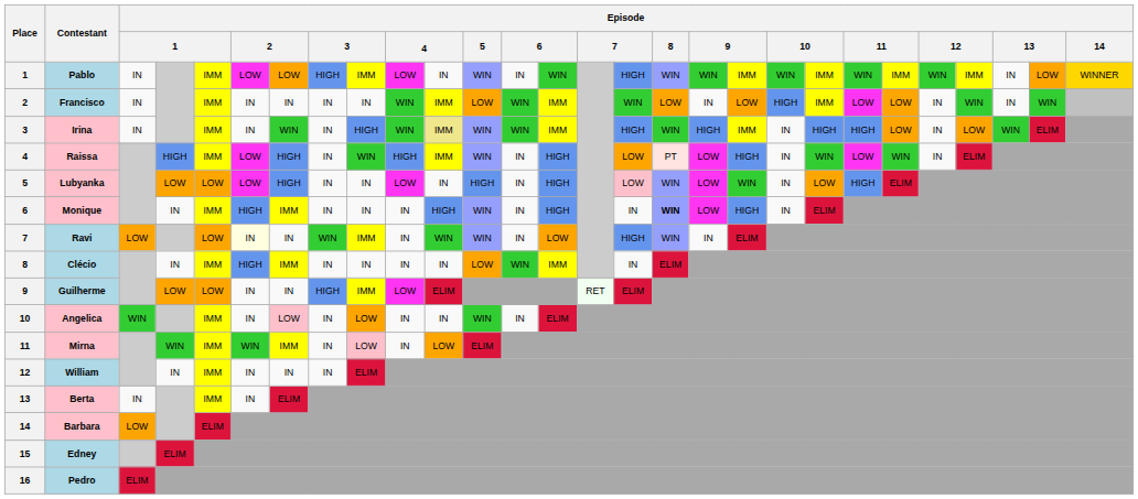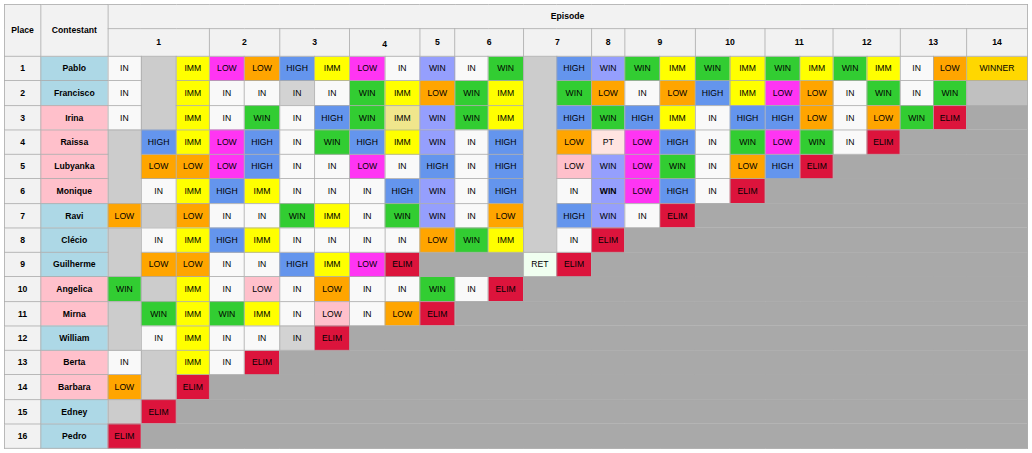 <table class="wikitable" style="text-align: center; font-size: 8pt; line-height:25px; width: 100%">
 <tr>
 <th rowspan=02>Place</th>
 <th rowspan=02>Contestant</th>
 <th colspan="26">Episode</th>
 </tr>
 <tr>
 <th colspan=3>1</th>
 <th colspan=2>2</th>
 <th colspan=2>3</th>
 <th colspan=2>4<sup></sup></th>
 <th>5</th>
 <th colspan=2>6</th>
 <th colspan=2>7</th>
 <th>8</th>
 <th colspan=2>9</th>
 <th colspan=2>10</th>
 <th colspan=2>11</th>
 <th colspan=2>12</th>
 <th colspan=2>13</th>
 <th>14</th>
 </tr>
 <tr>
 <th width=10>1</th>
 <td width=50 bgcolor=ADD8E6><strong>Pablo</strong></td>
 <td width=25>IN</td>
 <td width=25 bgcolor=CCCCCC rowspan=3></td>
 <td width=25 bgcolor=FFFF00>IMM</td>
 <td width=25 bgcolor=FF35F3>LOW</td>
 <td width=25 bgcolor=FFA500>LOW</td>
 <td width=25 bgcolor=6495ED>HIGH</td>
 <td width=25 bgcolor=FFFF00>IMM</td>
 <td width=25 bgcolor=FF35F3>LOW</td>
 <td width=25>IN</td>
 <td width=25 bgcolor=959FFD>WIN</td>
 <td width=25>IN</td>
 <td width=25 bgcolor=32CD32>WIN</td>
 <td width=25 bgcolor=CCCCCC rowspan=8></td>
 <td width=25 bgcolor=6495ED>HIGH</td>
 <td width=25 bgcolor=959FFD>WIN</td>
 <td width=25 bgcolor=32CD32>WIN</td>
 <td width=25 bgcolor=FFFF00>IMM</td>
 <td width=25 bgcolor=32CD32>WIN</td>
 <td width=25 bgcolor=FFFF00>IMM</td>
 <td width=25 bgcolor=32CD32>WIN</td>
 <td width=25 bgcolor=FFFF00>IMM</td>
 <td width=25 bgcolor=32CD32>WIN</td>
 <td width=25 bgcolor=FFFF00>IMM</td>
 <td width=25>IN</td>
 <td width=25 bgcolor=FFA500>LOW</td>
 <td width=50 bgcolor=FFD700>WINNER</td>
 </tr>
 <tr>
 <th>2</th>
 <td bgcolor=ADD8E6><strong>Francisco</strong></td>
 <td>IN</td>
 <td bgcolor=FFFF00>IMM</td>
 <td>IN</td>
 <td>IN</td>
-<td>IN</td>
+<td style="background: lightgrey;">IN</td>
 <td>IN</td>
 <td bgcolor=32CD32>WIN</td>
 <td bgcolor=FFFF00>IMM</td>
 <td bgcolor=FFA500>LOW</td>
 <td bgcolor=32CD32>WIN</td>
 <td bgcolor=FFFF00>IMM</td>
 <td bgcolor=32CD32>WIN</td>
 <td bgcolor=FFA500>LOW</td>
 <td>IN</td>
 <td bgcolor=FFA500>LOW</td>
 <td bgcolor=6495ED>HIGH</td>
 <td bgcolor=FFFF00>IMM</td>
 <td bgcolor=FF35F3>LOW</td>
 <td bgcolor=FFA500>LOW</td>
 <td>IN</td>
 <td bgcolor=32CD32>WIN</td>
 <td>IN</td>
 <td bgcolor=32CD32>WIN</td>
 <td bgcolor=C0C0C0></td>
 </tr>
 <tr>
 <th>3</th>
 <td bgcolor=FFC0CB><strong>Irina</strong></td>
 <td>IN</td>
 <td bgcolor=FFFF00>IMM</td>
 <td>IN</td>
 <td bgcolor=32CD32>WIN</td>
 <td>IN</td>
 <td bgcolor=6495ED>HIGH</td>
 <td bgcolor=32CD32>WIN</td>
 <td bgcolor=F0E68C>IMM</td>
 <td bgcolor=959FFD>WIN</td>
 <td bgcolor=32CD32>WIN</td>
 <td bgcolor=FFFF00>IMM</td>
 <td bgcolor=6495ED>HIGH</td>
 <td bgcolor=32CD32>WIN</td>
 <td bgcolor=6495ED>HIGH</td>
 <td bgcolor=FFFF00>IMM</td>
 <td>IN</td>
 <td bgcolor=6495ED>HIGH</td>
 <td bgcolor=6495ED>HIGH</td>
 <td bgcolor=FFA500>LOW</td>
 <td>IN</td>
 <td bgcolor=FFA500>LOW</td>
 <td bgcolor=32CD32>WIN</td>
 <td bgcolor=DC143C>ELIM</td>
 <td bgcolor=A9A9A9></td>
 </tr>
 <tr>
 <th>4</th>
 <td bgcolor=FFC0CB><strong>Raissa</strong></td>
 <td bgcolor=CCCCCC rowspan=3></td>
 <td bgcolor=6495ED>HIGH</td>
 <td bgcolor=FFFF00>IMM</td>
 <td bgcolor=FF35F3>LOW</td>
 <td bgcolor=6495ED>HIGH</td>
 <td>IN</td>
 <td bgcolor=32CD32>WIN</td>
 <td bgcolor=6495ED>HIGH</td>
 <td bgcolor=FFFF00>IMM</td>
 <td bgcolor=959FFD>WIN</td>
 <td>IN</td>
 <td bgcolor=6495ED>HIGH</td>
 <td bgcolor=FFA500>LOW</td>
 <td bgcolor=FFE4E1>PT</td>
 <td bgcolor=FF35F3>LOW</td>
 <td bgcolor=6495ED>HIGH</td>
 <td>IN</td>
 <td bgcolor=32CD32>WIN</td>
 <td bgcolor=FF35F3>LOW</td>
 <td bgcolor=32CD32>WIN</td>
 <td>IN</td>
 <td bgcolor=DC143C>ELIM</td>
 <td bgcolor=A9A9A9 colspan=3></td>
 </tr>
 <tr>
 <th>5</th>
 <td bgcolor=FFC0CB><strong>Lubyanka</strong></td>
 <td bgcolor=FFA500>LOW</td>
 <td bgcolor=FFA500>LOW</td>
 <td bgcolor=FF35F3>LOW</td>
 <td bgcolor=6495ED>HIGH</td>
 <td>IN</td>
 <td>IN</td>
 <td bgcolor=FF35F3>LOW</td>
 <td>IN</td>
 <td bgcolor=6495ED>HIGH</td>
 <td>IN</td>
 <td bgcolor=6495ED>HIGH</td>
 <td bgcolor=FFC0CB>LOW</td>
 <td bgcolor=959FFD>WIN</td>
 <td bgcolor=FF35F3>LOW</td>
 <td bgcolor=32CD32>WIN</td>
 <td>IN</td>
 <td bgcolor=FFA500>LOW</td>
 <td bgcolor=6495ED>HIGH</td>
 <td bgcolor=DC143C>ELIM</td>
 <td bgcolor=A9A9A9 colspan=5></td>
 </tr>
 <tr>
 <th>6</th>
 <td bgcolor=FFC0CB><strong>Monique</strong></td>
 <td>IN</td>
 <td bgcolor=FFFF00>IMM</td>
 <td bgcolor=6495ED>HIGH</td>
 <td bgcolor=FFFF00>IMM</td>
 <td>IN</td>
 <td>IN</td>
 <td>IN</td>
 <td bgcolor=6495ED>HIGH</td>
 <td bgcolor=959FFD>WIN</td>
 <td>IN</td>
 <td bgcolor=6495ED>HIGH</td>
 <td>IN</td>
 <td bgcolor=959FFD><strong>WIN</strong></td>
 <td bgcolor=FF35F3>LOW</td>
 <td bgcolor=6495ED>HIGH</td>
 <td>IN</td>
 <td bgcolor=DC143C>ELIM</td>
 <td bgcolor=A9A9A9 colspan=7></td>
 </tr>
 <tr>
 <th>7</th>
 <td bgcolor=ADD8E6><strong>Ravi</strong></td>
 <td bgcolor=FFA500>LOW</td>
 <td bgcolor=CCCCCC></td>
 <td bgcolor=FFA500>LOW</td>
-<td style="background: lightyellow;">IN</td>
+<td>IN</td>
 <td>IN</td>
 <td bgcolor=32CD32>WIN</td>
 <td bgcolor=FFFF00>IMM</td>
 <td>IN</td>
 <td bgcolor=32CD32>WIN</td>
 <td bgcolor=959FFD>WIN</td>
 <td>IN</td>
 <td bgcolor=FFA500>LOW</td>
 <td bgcolor=6495ED>HIGH</td>
 <td bgcolor=959FFD>WIN</td>
 <td>IN</td>
 <td bgcolor=DC143C>ELIM</td>
 <td bgcolor=A9A9A9 colspan=9></td>
 </tr>
 <tr>
 <th>8</th>
 <td bgcolor=ADD8E6><strong>Clécio</strong></td>
 <td bgcolor=CCCCCC rowspan=2></td>
 <td>IN</td>
 <td bgcolor=FFFF00>IMM</td>
 <td bgcolor=6495ED>HIGH</td>
 <td bgcolor=FFFF00>IMM</td>
 <td>IN</td>
 <td>IN</td>
 <td>IN</td>
 <td>IN</td>
 <td bgcolor=FFA500>LOW</td>
 <td bgcolor=32CD32>WIN</td>
 <td bgcolor=FFFF00>IMM</td>
 <td>IN</td>
 <td bgcolor=DC143C>ELIM</td>
 <td bgcolor=A9A9A9 colspan=11></td>
 </tr>
 <tr>
 <th>9</th>
 <td bgcolor=ADD8E6><strong>Guilherme</strong></td>
 <td bgcolor=FFA500>LOW</td>
 <td bgcolor=FFA500>LOW</td>
 <td>IN</td>
 <td>IN</td>
 <td bgcolor=6495ED>HIGH</td>
 <td bgcolor=FFFF00>IMM</td>
 <td bgcolor=FF35F3>LOW</td>
 <td bgcolor=DC143C>ELIM</td>
 <td bgcolor=A9A9A9 colspan=3></td>
 <td bgcolor=F0FFF0>RET</td>
 <td bgcolor=DC143C>ELIM</td>
 <td colspan="12" bgcolor="A9A9A9"></td>
 </tr>
 <tr>
 <th>10</th>
 <td bgcolor=FFC0CB><strong>Angelica</strong></td>
 <td bgcolor=32CD32>WIN</td>
 <td bgcolor=CCCCCC></td>
 <td bgcolor=FFFF00>IMM</td>
 <td>IN</td>
 <td bgcolor=FFC0CB>LOW</td>
 <td>IN</td>
 <td bgcolor=FFA500>LOW</td>
 <td>IN</td>
 <td>IN</td>
 <td bgcolor=32CD32>WIN</td>
 <td>IN</td>
 <td bgcolor=DC143C>ELIM</td>
 <td colspan="14" bgcolor="A9A9A9"></td>
 </tr>
 <tr>
 <th>11</th>
 <td bgcolor=FFC0CB><strong>Mirna</strong></td>
 <td bgcolor=CCCCCC rowspan=2></td>
 <td bgcolor=32CD32>WIN</td>
 <td bgcolor=FFFF00>IMM</td>
 <td bgcolor=32CD32>WIN</td>
 <td bgcolor=FFFF00>IMM</td>
 <td>IN</td>
 <td bgcolor=FFC0CB>LOW</td>
 <td>IN</td>
 <td bgcolor=FFA500>LOW</td>
 <td bgcolor=DC143C>ELIM</td>
 <td colspan="16" bgcolor="A9A9A9"></td>
 </tr>
 <tr>
 <th>12</th>
 <td bgcolor=ADD8E6><strong>William</strong></td>
 <td>IN</td>
 <td bgcolor=FFFF00>IMM</td>
 <td>IN</td>
 <td>IN</td>
-<td>IN</td>
+<td style="background: lightgrey;">IN</td>
 <td bgcolor=DC143C>ELIM</td>
 <td colspan="19" bgcolor="A9A9A9"></td>
 </tr>
 <tr>
 <th>13</th>
 <td bgcolor=FFC0CB><strong>Berta</strong></td>
 <td>IN</td>
 <td bgcolor=CCCCCC rowspan=2></td>
 <td bgcolor=FFFF00>IMM</td>
 <td>IN</td>
 <td bgcolor=DC143C>ELIM</td>
 <td colspan="21" bgcolor="A9A9A9"></td>
 </tr>
 <tr>
 <th>14</th>
 <td bgcolor=FFC0CB><strong>Barbara</strong></td>
 <td bgcolor=FFA500>LOW</td>
 <td bgcolor=DC143C>ELIM</td>
 <td colspan="23" bgcolor="A9A9A9"></td>
 </tr>
 <tr>
 <th>15</th>
 <td bgcolor=ADD8E6><strong>Edney</strong></td>
 <td bgcolor=CCCCCC></td>
 <td bgcolor=DC143C>ELIM</td>
 <td colspan="24" bgcolor="A9A9A9"></td>
 </tr>
 <tr>
 <th>16</th>
 <td bgcolor=ADD8E6><strong>Pedro</strong></td>
 <td bgcolor=DC143C>ELIM</td>
 <td colspan="25" bgcolor="A9A9A9"></td>
 </tr>
 </table>
